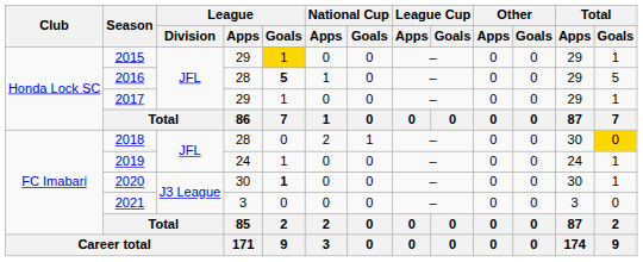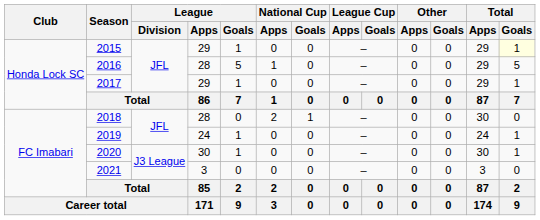 <table class="wikitable" style="text-align: center">
 <tr>
 <th rowspan="2">Club</th>
 <th rowspan="2">Season</th>
 <th colspan="3">League</th>
 <th colspan="2">National Cup</th>
 <th colspan="2">League Cup</th>
 <th colspan="2">Other</th>
 <th colspan="2">Total</th>
 </tr>
 <tr>
 <th>Division</th>
 <th>Apps</th>
 <th>Goals</th>
 <th>Apps</th>
 <th>Goals</th>
 <th>Apps</th>
 <th>Goals</th>
 <th>Apps</th>
 <th>Goals</th>
 <th>Apps</th>
 <th>Goals</th>
 </tr>
 <tr>
 <td rowspan="4"><a href='#'>Honda Lock SC</a></td>
 <td><a href='#'>2015</a></td>
 <td rowspan="3"><a href='#'>JFL</a></td>
 <td>29</td>
-<td style="background: gold;">1</td>
+<td>1</td>
 <td>0</td>
 <td>0</td>
 <td colspan="2">–</td>
 <td>0</td>
 <td>0</td>
 <td>29</td>
-<td>1</td>
+<td style="background: lightyellow;">1</td>
 </tr>
 <tr>
 <td><a href='#'>2016</a></td>
 <td>28</td>
-<td><strong>5</strong></td>
+<td>5</td>
 <td>1</td>
 <td>0</td>
 <td colspan="2">–</td>
 <td>0</td>
 <td>0</td>
 <td>29</td>
 <td>5</td>
 </tr>
 <tr>
 <td><a href='#'>2017</a></td>
 <td>29</td>
 <td>1</td>
 <td>0</td>
 <td>0</td>
 <td colspan="2">–</td>
 <td>0</td>
 <td>0</td>
 <td>29</td>
 <td>1</td>
 </tr>
 <tr>
 <th colspan=2>Total</th>
 <th>86</th>
 <th>7</th>
 <th>1</th>
 <th>0</th>
 <th>0</th>
 <th>0</th>
 <th>0</th>
 <th>0</th>
 <th>87</th>
 <th>7</th>
 </tr>
 <tr>
 <td rowspan="5"><a href='#'>FC Imabari</a></td>
 <td><a href='#'>2018</a></td>
 <td rowspan="2"><a href='#'>JFL</a></td>
 <td>28</td>
 <td>0</td>
 <td>2</td>
 <td>1</td>
 <td colspan="2">–</td>
 <td>0</td>
 <td>0</td>
 <td>30</td>
-<td style="background: gold;">0</td>
+<td>0</td>
 </tr>
 <tr>
 <td><a href='#'>2019</a></td>
 <td>24</td>
 <td>1</td>
 <td>0</td>
 <td>0</td>
 <td colspan="2">–</td>
 <td>0</td>
 <td>0</td>
 <td>24</td>
 <td>1</td>
 </tr>
 <tr>
 <td><a href='#'>2020</a></td>
 <td rowspan="2"><a href='#'>J3 League</a></td>
 <td>30</td>
-<td><strong>1</strong></td>
+<td>1</td>
 <td>0</td>
 <td>0</td>
 <td colspan="2">–</td>
 <td>0</td>
 <td>0</td>
 <td>30</td>
 <td>1</td>
 </tr>
 <tr>
 <td><a href='#'>2021</a></td>
 <td>3</td>
 <td>0</td>
 <td>0</td>
 <td>0</td>
 <td colspan="2">–</td>
 <td>0</td>
 <td>0</td>
 <td>3</td>
 <td>0</td>
 </tr>
 <tr>
 <th colspan=2>Total</th>
 <th>85</th>
 <th>2</th>
 <th>2</th>
 <th>0</th>
 <th>0</th>
 <th>0</th>
 <th>0</th>
 <th>0</th>
 <th>87</th>
 <th>2</th>
 </tr>
 <tr>
 <th colspan=3>Career total</th>
 <th>171</th>
 <th>9</th>
 <th>3</th>
 <th>0</th>
 <th>0</th>
 <th>0</th>
 <th>0</th>
 <th>0</th>
 <th>174</th>
 <th>9</th>
 </tr>
 </table>
